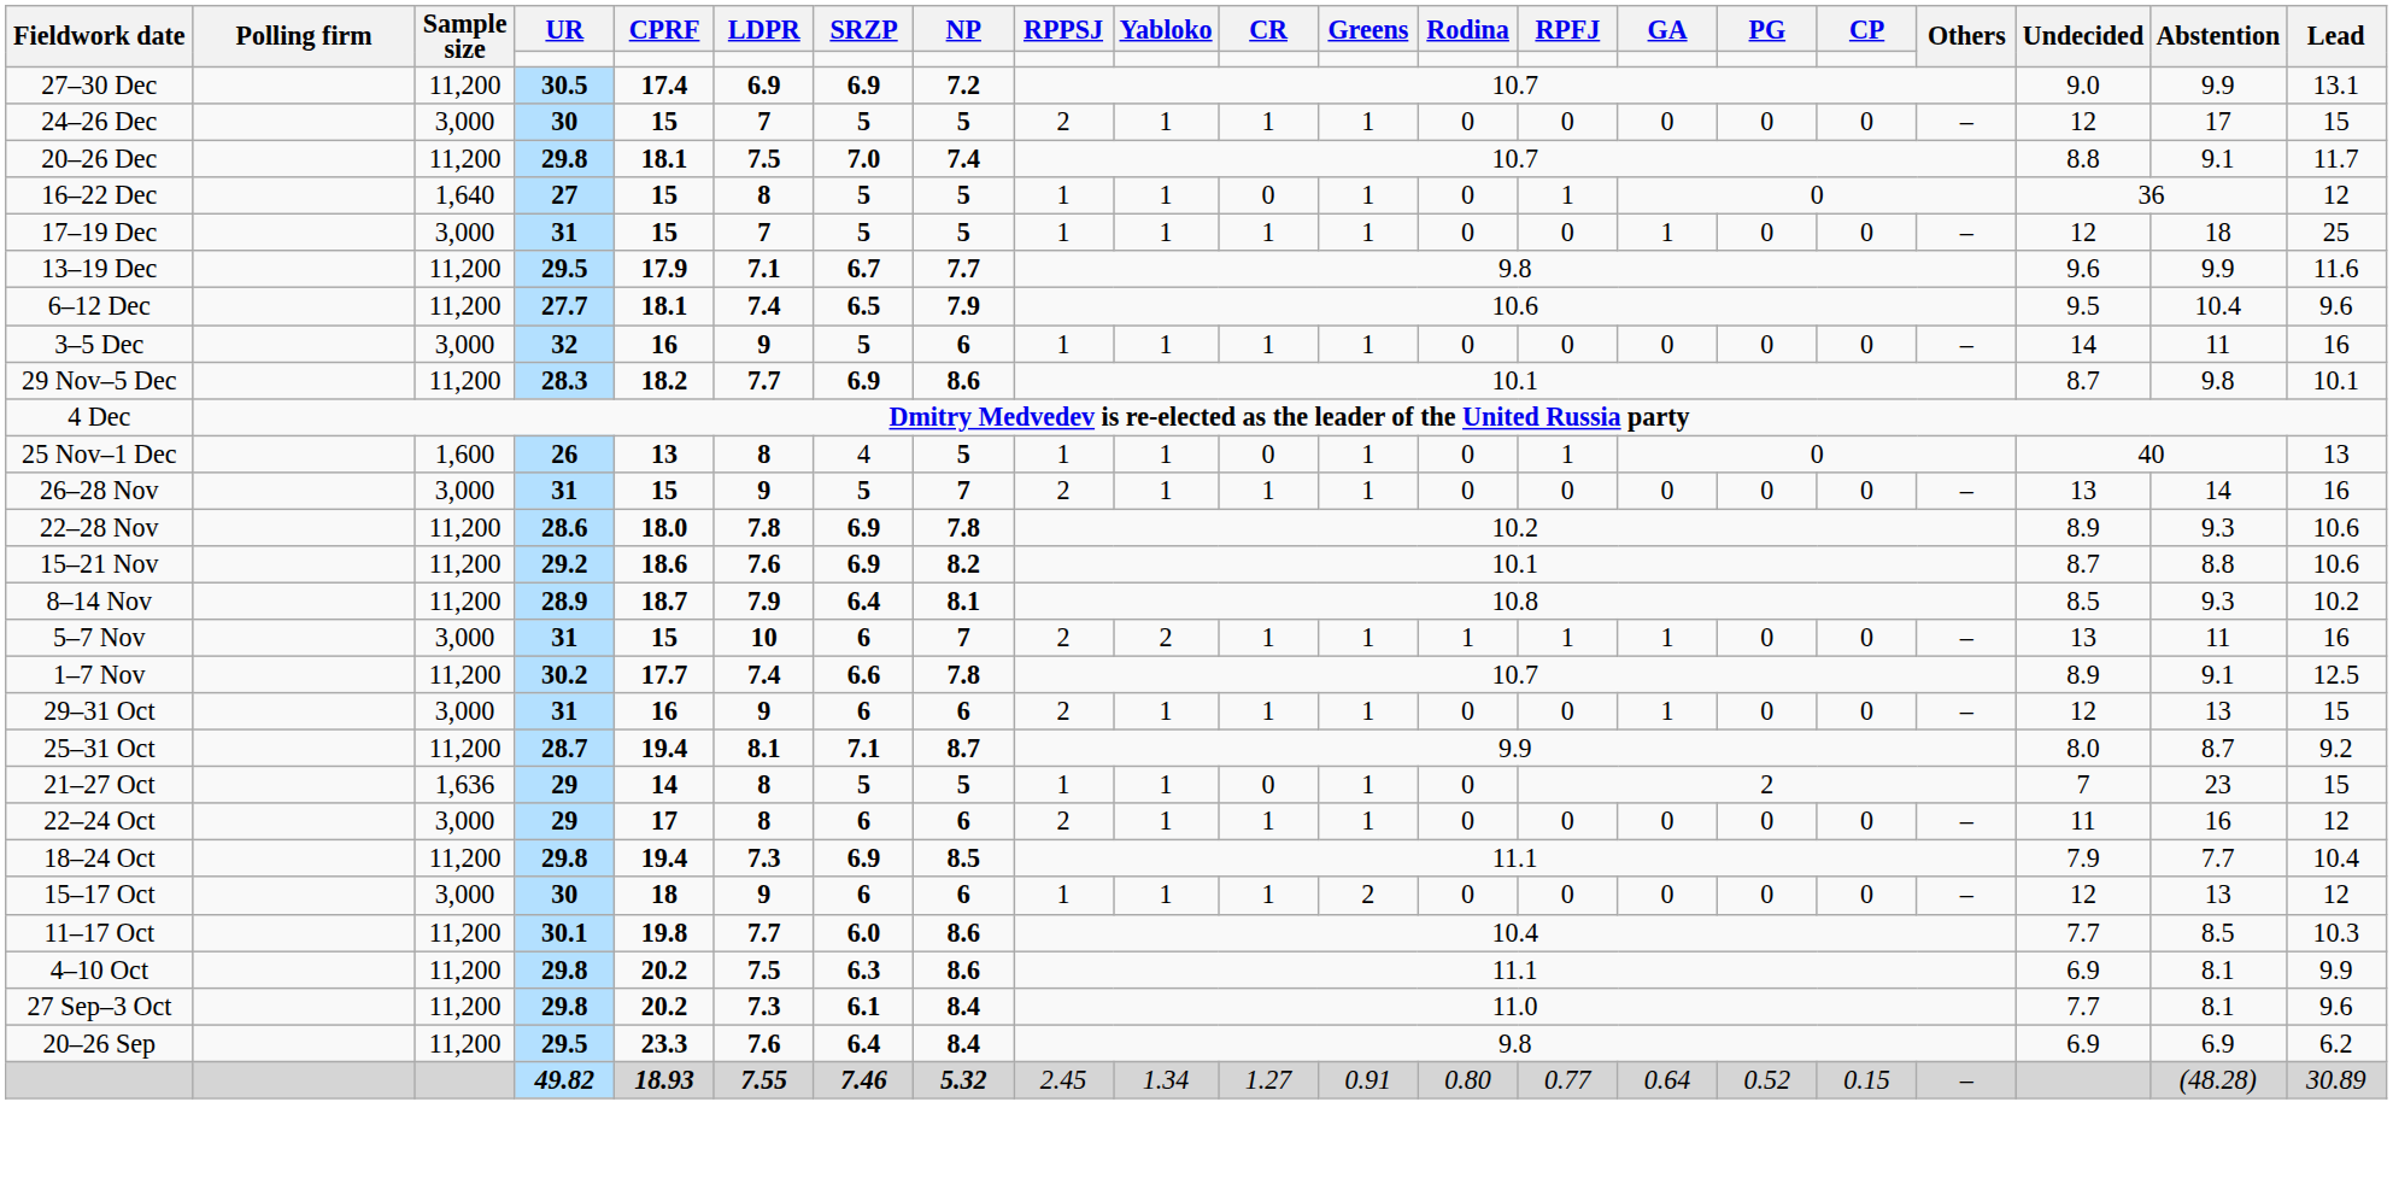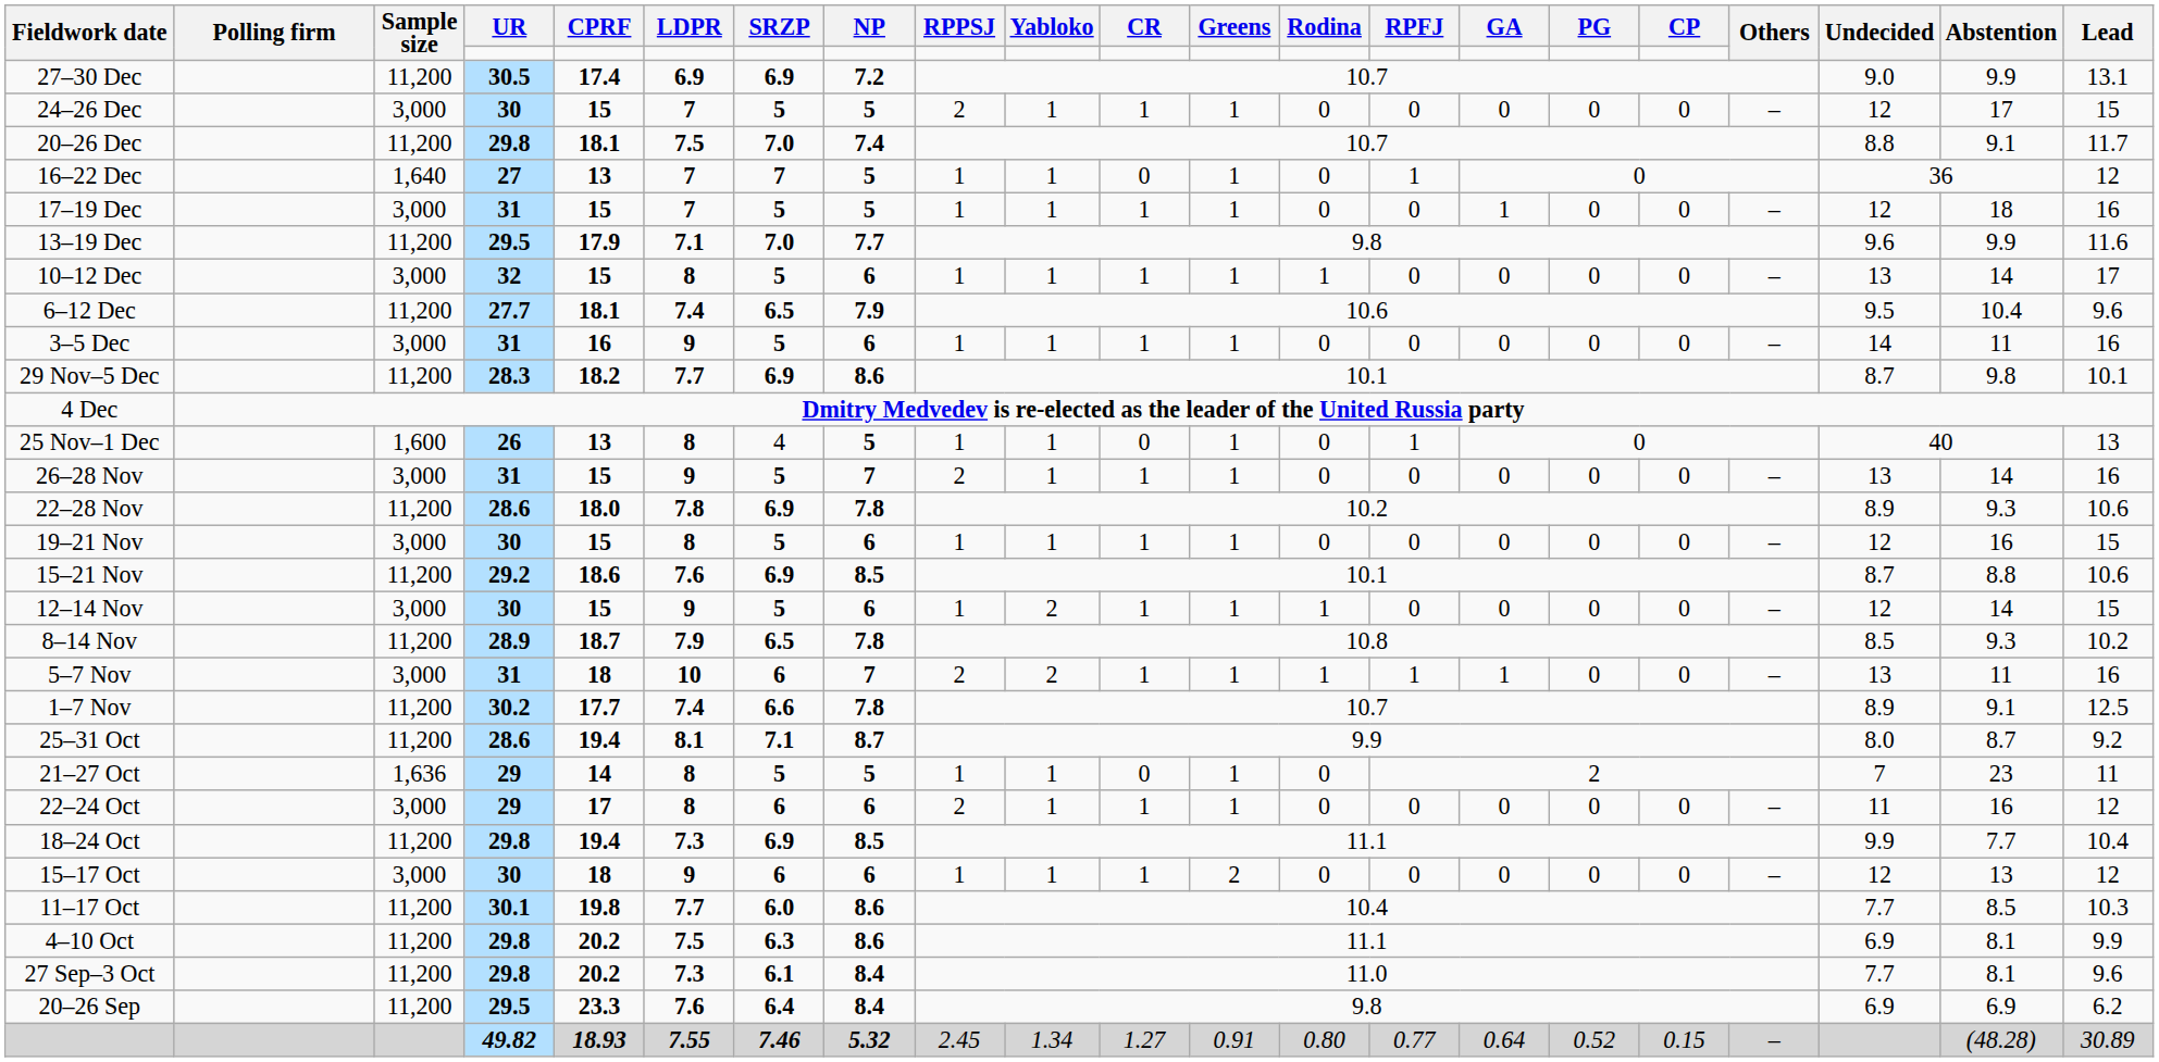 <table class=wikitable style="font-size:95%; line-height:14px; text-align:center">
 <tr>
 <th style=width:100px; rowspan=2>Fieldwork date</th>
 <th style=width:120px; rowspan=2>Polling firm</th>
 <th style=width:50px; rowspan=2>Sample<br>size</th>
 <th style="width:50px;"><a href='#'>UR</a></th>
 <th style="width:50px;"><a href='#'>CPRF</a></th>
 <th style="width:50px;"><a href='#'>LDPR</a></th>
 <th style="width:50px;"><a href='#'>SRZP</a></th>
 <th style="width:50px;"><a href='#'>NP</a></th>
 <th style="width:50px;"><a href='#'>RPPSJ</a></th>
 <th style="width:50px;"><a href='#'>Yabloko</a></th>
 <th style="width:50px;"><a href='#'>CR</a></th>
 <th style="width:50px;"><a href='#'>Greens</a></th>
 <th style="width:50px;"><a href='#'>Rodina</a></th>
 <th style="width:50px;"><a href='#'>RPFJ</a></th>
 <th style="width:50px;"><a href='#'>GA</a></th>
 <th style="width:50px;"><a href='#'>PG</a></th>
 <th style="width:50px;"><a href='#'>CP</a></th>
 <th style="width:50px;" rowspan=2>Others</th>
 <th style="width:50px;" rowspan=2>Undecided</th>
 <th style="width:50px;" rowspan=2>Abstention</th>
 <th style="width:50px;" rowspan="2">Lead</th>
 </tr>
 <tr>
 <td bgcolor=></td>
 <td bgcolor=></td>
 <td bgcolor=></td>
 <td bgcolor=></td>
 <td bgcolor=></td>
 <td bgcolor=></td>
 <td bgcolor=></td>
 <td bgcolor=></td>
 <td bgcolor=></td>
 <td bgcolor=></td>
 <td bgcolor=></td>
 <td bgcolor=></td>
 <td bgcolor=></td>
 <td bgcolor=></td>
 </tr>
 <tr>
 <td>27–30 Dec</td>
 <td></td>
 <td>11,200</td>
 <td style="background:#B3E0FF"><strong>30.5</strong></td>
 <td><strong>17.4</strong></td>
 <td><strong>6.9</strong></td>
 <td><strong>6.9</strong></td>
 <td><strong>7.2</strong></td>
 <td colspan=10>10.7</td>
 <td>9.0</td>
 <td>9.9</td>
 <td style="background:">13.1</td>
 </tr>
 <tr>
 <td>24–26 Dec</td>
 <td></td>
 <td>3,000</td>
 <td style="background:#B3E0FF"><strong>30</strong></td>
 <td><strong>15</strong></td>
 <td><strong>7</strong></td>
 <td><strong>5</strong></td>
 <td><strong>5</strong></td>
 <td>2</td>
 <td>1</td>
 <td>1</td>
 <td>1</td>
 <td>0</td>
 <td>0</td>
 <td>0</td>
 <td>0</td>
 <td>0</td>
 <td>–</td>
 <td>12</td>
 <td>17</td>
 <td style="background:">15</td>
 </tr>
 <tr>
 <td>20–26 Dec</td>
 <td></td>
 <td>11,200</td>
 <td style="background:#B3E0FF"><strong>29.8</strong></td>
 <td><strong>18.1</strong></td>
 <td><strong>7.5</strong></td>
 <td><strong>7.0</strong></td>
 <td><strong>7.4</strong></td>
 <td colspan=10>10.7</td>
 <td>8.8</td>
 <td>9.1</td>
 <td style="background:">11.7</td>
 </tr>
 <tr>
 <td>16–22 Dec</td>
 <td></td>
 <td>1,640</td>
 <td style="background:#B3E0FF"><strong>27</strong></td>
-<td><strong>15</strong></td>
-<td><strong>8</strong></td>
-<td><strong>5</strong></td>
+<td><strong>13</strong></td>
+<td><strong>7</strong></td>
+<td><strong>7</strong></td>
 <td><strong>5</strong></td>
 <td>1</td>
 <td>1</td>
 <td>0</td>
 <td>1</td>
 <td>0</td>
 <td>1</td>
 <td colspan=4>0</td>
 <td colspan=2>36</td>
 <td style="background:">12</td>
 </tr>
 <tr>
 <td>17–19 Dec</td>
 <td></td>
 <td>3,000</td>
 <td style="background:#B3E0FF"><strong>31</strong></td>
 <td><strong>15</strong></td>
 <td><strong>7</strong></td>
 <td><strong>5</strong></td>
 <td><strong>5</strong></td>
 <td>1</td>
 <td>1</td>
 <td>1</td>
 <td>1</td>
 <td>0</td>
 <td>0</td>
 <td>1</td>
 <td>0</td>
 <td>0</td>
 <td>–</td>
 <td>12</td>
 <td>18</td>
-<td style="background:">25</td>
+<td style="background:">16</td>
 </tr>
 <tr>
 <td>13–19 Dec</td>
 <td></td>
 <td>11,200</td>
 <td style="background:#B3E0FF"><strong>29.5</strong></td>
 <td><strong>17.9</strong></td>
 <td><strong>7.1</strong></td>
-<td><strong>6.7</strong></td>
+<td><strong>7.0</strong></td>
 <td><strong>7.7</strong></td>
 <td colspan=10>9.8</td>
 <td>9.6</td>
 <td>9.9</td>
 <td style="background:">11.6</td>
+</tr>
+<tr>
+<td>10–12 Dec</td>
+<td></td>
+<td>3,000</td>
+<td style="background:#B3E0FF"><strong>32</strong></td>
+<td><strong>15</strong></td>
+<td><strong>8</strong></td>
+<td><strong>5</strong></td>
+<td><strong>6</strong></td>
+<td>1</td>
+<td>1</td>
+<td>1</td>
+<td>1</td>
+<td>1</td>
+<td>0</td>
+<td>0</td>
+<td>0</td>
+<td>0</td>
+<td>–</td>
+<td>13</td>
+<td>14</td>
+<td style="background:">17</td>
 </tr>
 <tr>
 <td>6–12 Dec</td>
 <td></td>
 <td>11,200</td>
 <td style="background:#B3E0FF"><strong>27.7</strong></td>
 <td><strong>18.1</strong></td>
 <td><strong>7.4</strong></td>
 <td><strong>6.5</strong></td>
 <td><strong>7.9</strong></td>
 <td colspan=10>10.6</td>
 <td>9.5</td>
 <td>10.4</td>
 <td style="background:">9.6</td>
 </tr>
 <tr>
 <td>3–5 Dec</td>
 <td></td>
 <td>3,000</td>
-<td style="background:#B3E0FF"><strong>32</strong></td>
+<td style="background:#B3E0FF"><strong>31</strong></td>
 <td><strong>16</strong></td>
 <td><strong>9</strong></td>
 <td><strong>5</strong></td>
 <td><strong>6</strong></td>
 <td>1</td>
 <td>1</td>
 <td>1</td>
 <td>1</td>
 <td>0</td>
 <td>0</td>
 <td>0</td>
 <td>0</td>
 <td>0</td>
 <td>–</td>
 <td>14</td>
 <td>11</td>
 <td style="background:">16</td>
 </tr>
 <tr>
 <td>29 Nov–5 Dec</td>
 <td></td>
 <td>11,200</td>
 <td style="background:#B3E0FF"><strong>28.3</strong></td>
 <td><strong>18.2</strong></td>
 <td><strong>7.7</strong></td>
 <td><strong>6.9</strong></td>
 <td><strong>8.6</strong></td>
 <td colspan=10>10.1</td>
 <td>8.7</td>
 <td>9.8</td>
 <td style="background:">10.1</td>
 </tr>
 <tr>
 <td>4 Dec</td>
 <td colspan="20"><strong><a href='#'>Dmitry Medvedev</a> is re-elected as the leader of the <a href='#'>United Russia</a> party</strong></td>
 </tr>
 <tr>
 <td>25 Nov–1 Dec</td>
 <td></td>
 <td>1,600</td>
 <td style="background:#B3E0FF"><strong>26</strong></td>
 <td><strong>13</strong></td>
 <td><strong>8</strong></td>
 <td>4</td>
 <td><strong>5</strong></td>
 <td>1</td>
 <td>1</td>
 <td>0</td>
 <td>1</td>
 <td>0</td>
 <td>1</td>
 <td colspan=4>0</td>
 <td colspan=2>40</td>
 <td style="background:">13</td>
 </tr>
 <tr>
 <td>26–28 Nov</td>
 <td></td>
 <td>3,000</td>
 <td style="background:#B3E0FF"><strong>31</strong></td>
 <td><strong>15</strong></td>
 <td><strong>9</strong></td>
 <td><strong>5</strong></td>
 <td><strong>7</strong></td>
 <td>2</td>
 <td>1</td>
 <td>1</td>
 <td>1</td>
 <td>0</td>
 <td>0</td>
 <td>0</td>
 <td>0</td>
 <td>0</td>
 <td>–</td>
 <td>13</td>
 <td>14</td>
 <td style="background:">16</td>
 </tr>
 <tr>
 <td>22–28 Nov</td>
 <td></td>
 <td>11,200</td>
 <td style="background:#B3E0FF"><strong>28.6</strong></td>
 <td><strong>18.0</strong></td>
 <td><strong>7.8</strong></td>
 <td><strong>6.9</strong></td>
 <td><strong>7.8</strong></td>
 <td colspan=10>10.2</td>
 <td>8.9</td>
 <td>9.3</td>
 <td style="background:">10.6</td>
 </tr>
 <tr>
+<td>19–21 Nov</td>
+<td></td>
+<td>3,000</td>
+<td style="background:#B3E0FF"><strong>30</strong></td>
+<td><strong>15</strong></td>
+<td><strong>8</strong></td>
+<td><strong>5</strong></td>
+<td><strong>6</strong></td>
+<td>1</td>
+<td>1</td>
+<td>1</td>
+<td>1</td>
+<td>0</td>
+<td>0</td>
+<td>0</td>
+<td>0</td>
+<td>0</td>
+<td>–</td>
+<td>12</td>
+<td>16</td>
+<td style="background:">15</td>
+</tr>
+<tr>
 <td>15–21 Nov</td>
 <td></td>
 <td>11,200</td>
 <td style="background:#B3E0FF"><strong>29.2</strong></td>
 <td><strong>18.6</strong></td>
 <td><strong>7.6</strong></td>
 <td><strong>6.9</strong></td>
-<td><strong>8.2</strong></td>
+<td><strong>8.5</strong></td>
 <td colspan=10>10.1</td>
 <td>8.7</td>
 <td>8.8</td>
 <td style="background:">10.6</td>
+</tr>
+<tr>
+<td>12–14 Nov</td>
+<td></td>
+<td>3,000</td>
+<td style="background:#B3E0FF"><strong>30</strong></td>
+<td><strong>15</strong></td>
+<td><strong>9</strong></td>
+<td><strong>5</strong></td>
+<td><strong>6</strong></td>
+<td>1</td>
+<td>2</td>
+<td>1</td>
+<td>1</td>
+<td>1</td>
+<td>0</td>
+<td>0</td>
+<td>0</td>
+<td>0</td>
+<td>–</td>
+<td>12</td>
+<td>14</td>
+<td style="background:">15</td>
 </tr>
 <tr>
 <td>8–14 Nov</td>
 <td></td>
 <td>11,200</td>
 <td style="background:#B3E0FF"><strong>28.9</strong></td>
 <td><strong>18.7</strong></td>
 <td><strong>7.9</strong></td>
-<td><strong>6.4</strong></td>
-<td><strong>8.1</strong></td>
+<td><strong>6.5</strong></td>
+<td><strong>7.8</strong></td>
 <td colspan=10>10.8</td>
 <td>8.5</td>
 <td>9.3</td>
 <td style="background:">10.2</td>
 </tr>
 <tr>
 <td>5–7 Nov</td>
 <td></td>
 <td>3,000</td>
 <td style="background:#B3E0FF"><strong>31</strong></td>
-<td><strong>15</strong></td>
+<td><strong>18</strong></td>
 <td><strong>10</strong></td>
 <td><strong>6</strong></td>
 <td><strong>7</strong></td>
 <td>2</td>
 <td>2</td>
 <td>1</td>
 <td>1</td>
 <td>1</td>
 <td>1</td>
 <td>1</td>
 <td>0</td>
 <td>0</td>
 <td>–</td>
 <td>13</td>
 <td>11</td>
 <td style="background:">16</td>
 </tr>
 <tr>
 <td>1–7 Nov</td>
 <td></td>
 <td>11,200</td>
 <td style="background:#B3E0FF"><strong>30.2</strong></td>
 <td><strong>17.7</strong></td>
 <td><strong>7.4</strong></td>
 <td><strong>6.6</strong></td>
 <td><strong>7.8</strong></td>
 <td colspan=10>10.7</td>
 <td>8.9</td>
 <td>9.1</td>
 <td style="background:">12.5</td>
 </tr>
 <tr>
-<td>29–31 Oct</td>
-<td></td>
-<td>3,000</td>
-<td style="background:#B3E0FF"><strong>31</strong></td>
-<td><strong>16</strong></td>
-<td><strong>9</strong></td>
-<td><strong>6</strong></td>
-<td><strong>6</strong></td>
-<td>2</td>
-<td>1</td>
-<td>1</td>
-<td>1</td>
-<td>0</td>
-<td>0</td>
-<td>1</td>
-<td>0</td>
-<td>0</td>
-<td>–</td>
-<td>12</td>
-<td>13</td>
-<td style="background:">15</td>
-</tr>
-<tr>
 <td>25–31 Oct</td>
 <td></td>
 <td>11,200</td>
-<td style="background:#B3E0FF"><strong>28.7</strong></td>
+<td style="background:#B3E0FF"><strong>28.6</strong></td>
 <td><strong>19.4</strong></td>
 <td><strong>8.1</strong></td>
 <td><strong>7.1</strong></td>
 <td><strong>8.7</strong></td>
 <td colspan=10>9.9</td>
 <td>8.0</td>
 <td>8.7</td>
 <td style="background:">9.2</td>
 </tr>
 <tr>
 <td>21–27 Oct</td>
 <td></td>
 <td>1,636</td>
 <td style="background:#B3E0FF"><strong>29</strong></td>
 <td><strong>14</strong></td>
 <td><strong>8</strong></td>
 <td><strong>5</strong></td>
 <td><strong>5</strong></td>
 <td>1</td>
 <td>1</td>
 <td>0</td>
 <td>1</td>
 <td>0</td>
 <td colspan=5>2</td>
 <td>7</td>
 <td>23</td>
-<td style="background:">15</td>
+<td style="background:">11</td>
 </tr>
 <tr>
 <td>22–24 Oct</td>
 <td></td>
 <td>3,000</td>
 <td style="background:#B3E0FF"><strong>29</strong></td>
 <td><strong>17</strong></td>
 <td><strong>8</strong></td>
 <td><strong>6</strong></td>
 <td><strong>6</strong></td>
 <td>2</td>
 <td>1</td>
 <td>1</td>
 <td>1</td>
 <td>0</td>
 <td>0</td>
 <td>0</td>
 <td>0</td>
 <td>0</td>
 <td>–</td>
 <td>11</td>
 <td>16</td>
 <td style="background:">12</td>
 </tr>
 <tr>
 <td>18–24 Oct</td>
 <td></td>
 <td>11,200</td>
 <td style="background:#B3E0FF"><strong>29.8</strong></td>
 <td><strong>19.4</strong></td>
 <td><strong>7.3</strong></td>
 <td><strong>6.9</strong></td>
 <td><strong>8.5</strong></td>
 <td colspan=10>11.1</td>
-<td>7.9</td>
+<td>9.9</td>
 <td>7.7</td>
 <td style="background:">10.4</td>
 </tr>
 <tr>
 <td>15–17 Oct</td>
 <td></td>
 <td>3,000</td>
 <td style="background:#B3E0FF"><strong>30</strong></td>
 <td><strong>18</strong></td>
 <td><strong>9</strong></td>
 <td><strong>6</strong></td>
 <td><strong>6</strong></td>
 <td>1</td>
 <td>1</td>
 <td>1</td>
 <td>2</td>
 <td>0</td>
 <td>0</td>
 <td>0</td>
 <td>0</td>
 <td>0</td>
 <td>–</td>
 <td>12</td>
 <td>13</td>
 <td style="background:">12</td>
 </tr>
 <tr>
 <td>11–17 Oct</td>
 <td></td>
 <td>11,200</td>
 <td style="background:#B3E0FF"><strong>30.1</strong></td>
 <td><strong>19.8</strong></td>
 <td><strong>7.7</strong></td>
 <td><strong>6.0</strong></td>
 <td><strong>8.6</strong></td>
 <td colspan=10>10.4</td>
 <td>7.7</td>
 <td>8.5</td>
 <td style="background:">10.3</td>
 </tr>
 <tr>
 <td>4–10 Oct</td>
 <td></td>
 <td>11,200</td>
 <td style="background:#B3E0FF"><strong>29.8</strong></td>
 <td><strong>20.2</strong></td>
 <td><strong>7.5</strong></td>
 <td><strong>6.3</strong></td>
 <td><strong>8.6</strong></td>
 <td colspan=10>11.1</td>
 <td>6.9</td>
 <td>8.1</td>
 <td style="background:">9.9</td>
 </tr>
 <tr>
 <td>27 Sep–3 Oct</td>
 <td></td>
 <td>11,200</td>
 <td style="background:#B3E0FF"><strong>29.8</strong></td>
 <td><strong>20.2</strong></td>
 <td><strong>7.3</strong></td>
 <td><strong>6.1</strong></td>
 <td><strong>8.4</strong></td>
 <td colspan=10>11.0</td>
 <td>7.7</td>
 <td>8.1</td>
 <td style="background:">9.6</td>
 </tr>
 <tr>
 <td>20–26 Sep</td>
 <td></td>
 <td>11,200</td>
 <td style="background:#B3E0FF"><strong>29.5</strong></td>
 <td><strong>23.3</strong></td>
 <td><strong>7.6</strong></td>
 <td><strong>6.4</strong></td>
 <td><strong>8.4</strong></td>
 <td colspan=10>9.8</td>
 <td>6.9</td>
 <td>6.9</td>
 <td style="background:">6.2</td>
 </tr>
 <tr style="background:#D5D5D5">
 <td></td>
 <td></td>
 <td></td>
 <td style="background:#B3E0FF"><strong><em>49.82</em></strong></td>
 <td><strong><em>18.93</em></strong></td>
 <td><strong><em>7.55</em></strong></td>
 <td><strong><em>7.46</em></strong></td>
 <td><strong><em>5.32</em></strong></td>
 <td><em>2.45</em></td>
 <td><em>1.34</em></td>
 <td><em>1.27</em></td>
 <td><em>0.91</em></td>
 <td><em>0.80</em></td>
 <td><em>0.77</em></td>
 <td><em>0.64</em></td>
 <td><em>0.52</em></td>
 <td><em>0.15</em></td>
 <td>–</td>
 <td></td>
 <td><em>(48.28)</em></td>
 <td style="background:"><em>30.89</em></td>
 </tr>
 </table>
